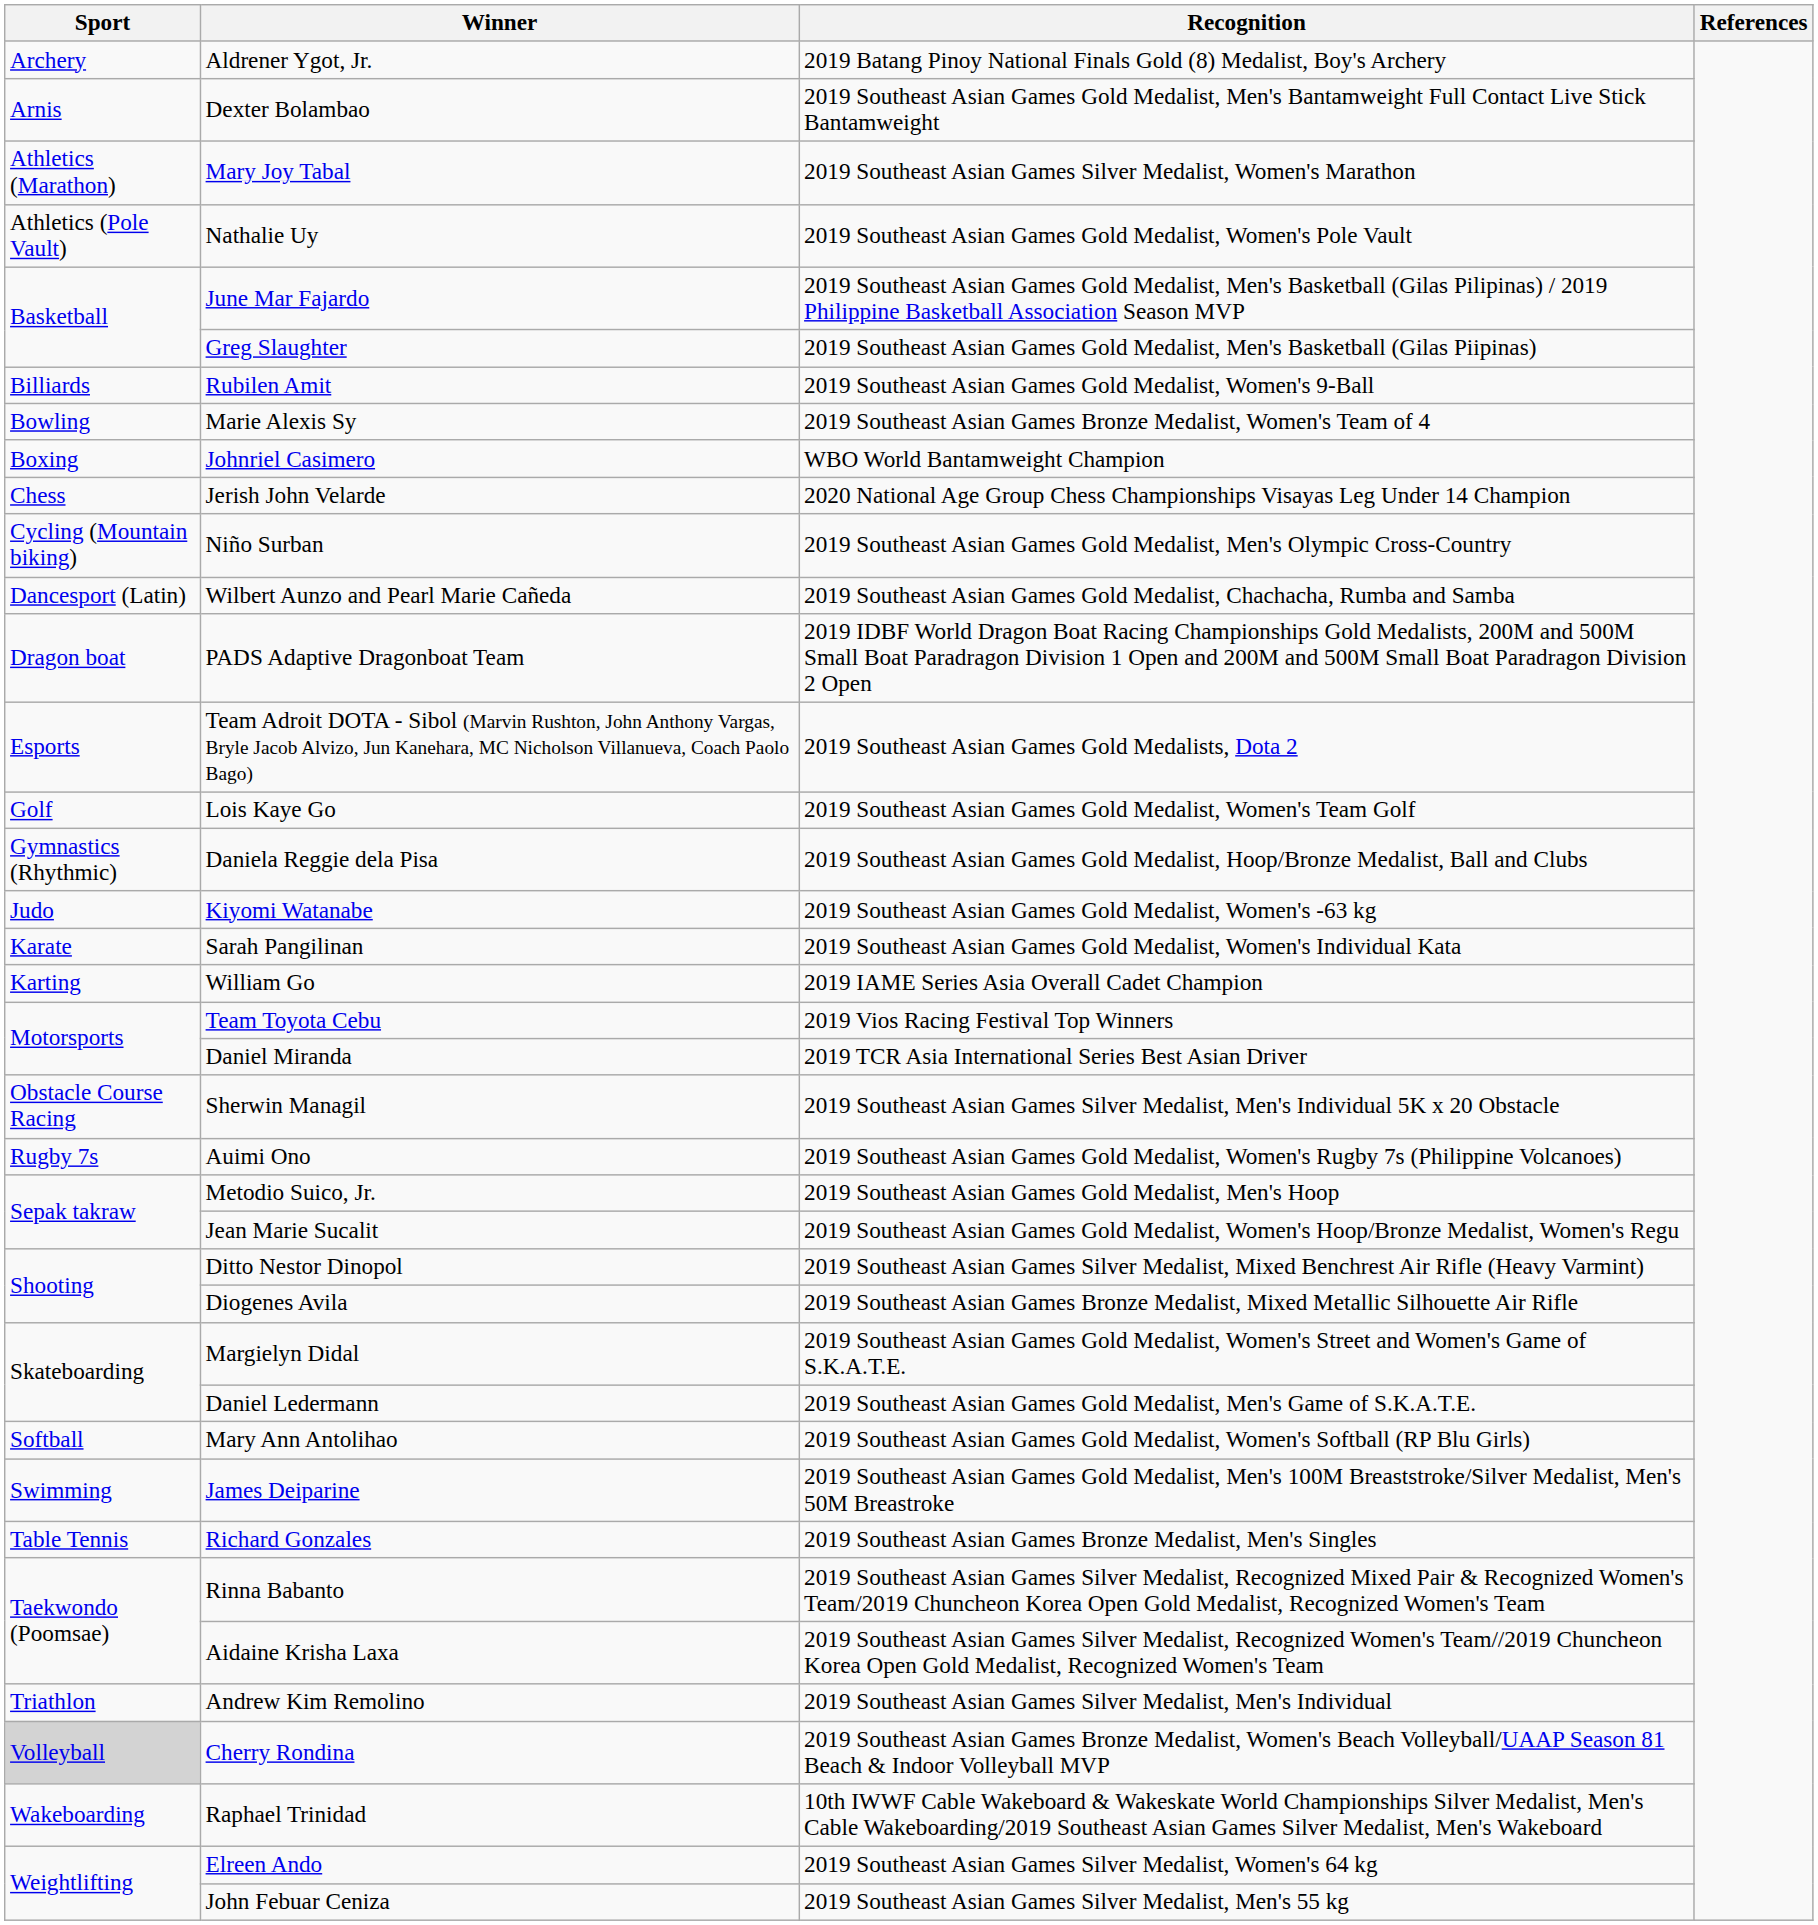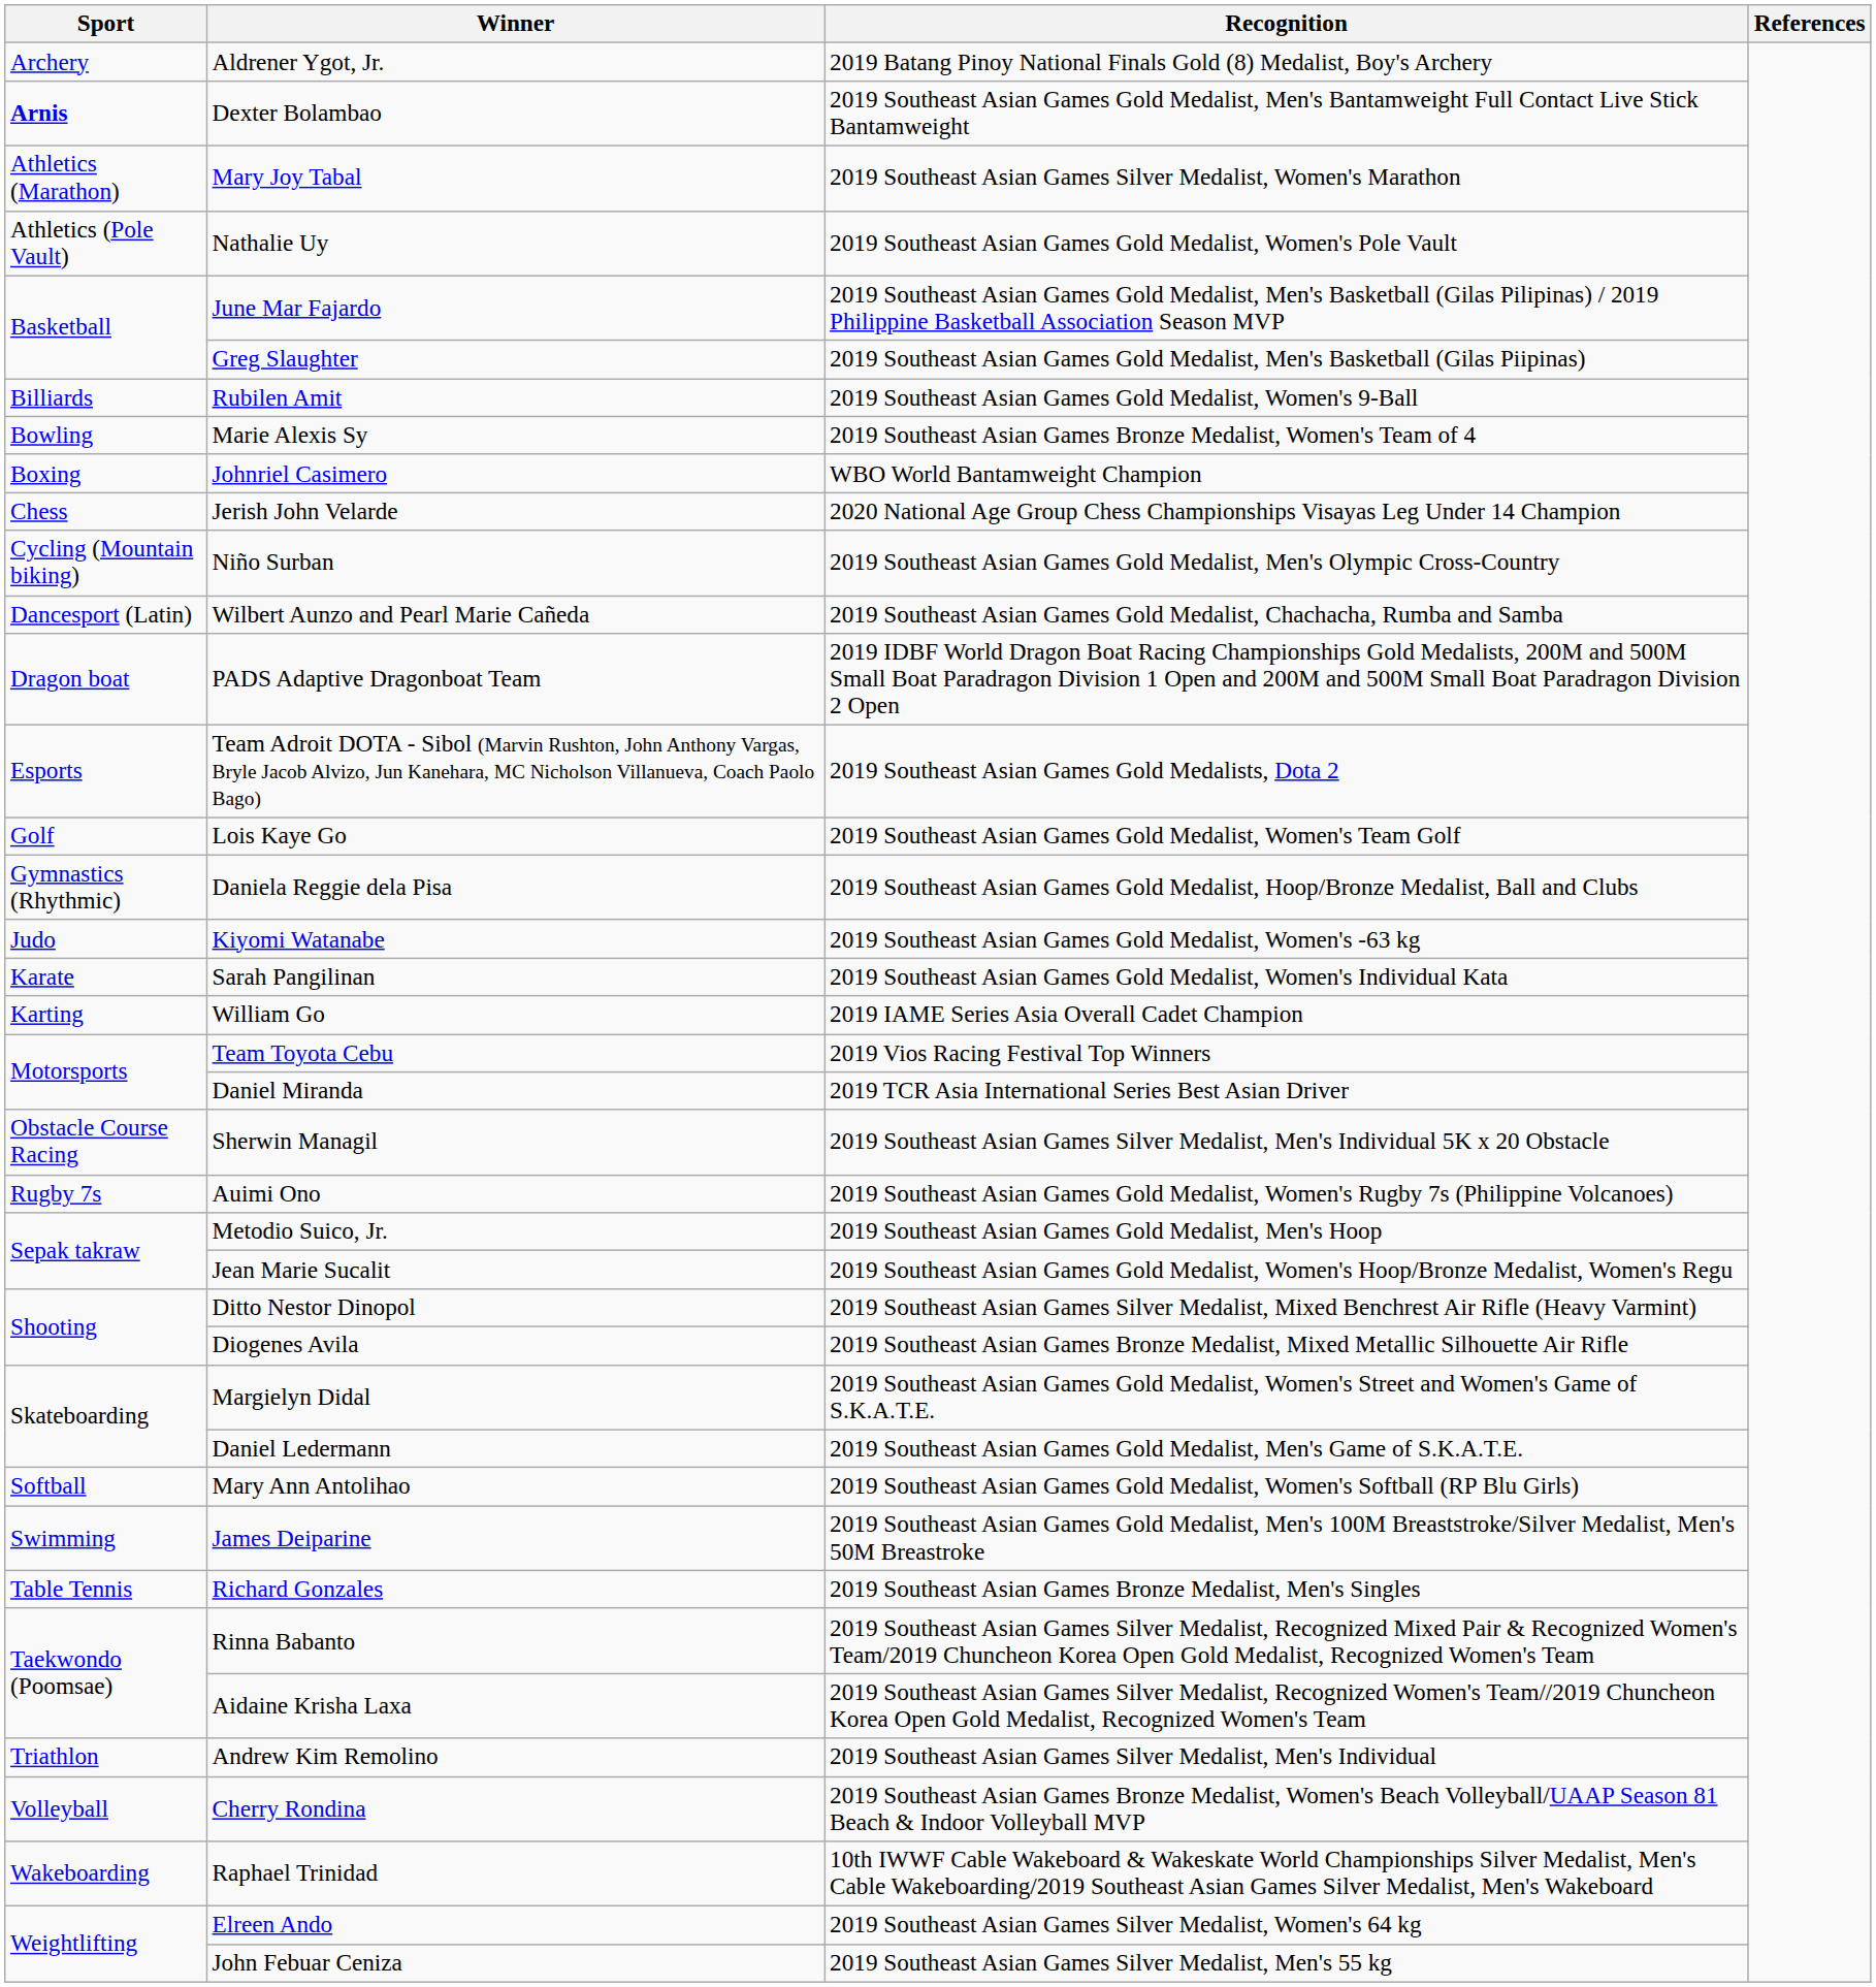 <table class="wikitable">
 <tr>
 <th>Sport</th>
 <th>Winner</th>
 <th>Recognition</th>
 <th>References</th>
 </tr>
 <tr>
 <td><a href='#'>Archery</a></td>
 <td>Aldrener Ygot, Jr.</td>
 <td>2019 Batang Pinoy National Finals Gold (8) Medalist, Boy's Archery</td>
 <td rowspan=39></td>
 </tr>
 <tr>
-<td><a href='#'>Arnis</a></td>
+<td><strong><a href='#'>Arnis</a></strong></td>
 <td>Dexter Bolambao</td>
 <td>2019 Southeast Asian Games Gold Medalist, Men's Bantamweight Full Contact Live Stick Bantamweight</td>
 </tr>
 <tr>
 <td><a href='#'>Athletics</a> (<a href='#'>Marathon</a>)</td>
 <td><a href='#'>Mary Joy Tabal</a></td>
 <td>2019 Southeast Asian Games Silver Medalist, Women's Marathon</td>
 </tr>
 <tr>
 <td>Athletics (<a href='#'>Pole Vault</a>)</td>
 <td>Nathalie Uy</td>
 <td>2019 Southeast Asian Games Gold Medalist, Women's Pole Vault</td>
 </tr>
 <tr>
 <td rowspan=2><a href='#'>Basketball</a></td>
 <td><a href='#'>June Mar Fajardo</a></td>
 <td>2019 Southeast Asian Games Gold Medalist, Men's Basketball (Gilas Pilipinas) / 2019 <a href='#'>Philippine Basketball Association</a> Season MVP</td>
 </tr>
 <tr>
 <td><a href='#'>Greg Slaughter</a></td>
 <td>2019 Southeast Asian Games Gold Medalist, Men's Basketball (Gilas Piipinas)</td>
 </tr>
 <tr>
 <td><a href='#'>Billiards</a></td>
 <td><a href='#'>Rubilen Amit</a></td>
 <td>2019 Southeast Asian Games Gold Medalist, Women's 9-Ball</td>
 </tr>
 <tr>
 <td><a href='#'>Bowling</a></td>
 <td>Marie Alexis Sy</td>
 <td>2019 Southeast Asian Games Bronze Medalist, Women's Team of 4</td>
 </tr>
 <tr>
 <td><a href='#'>Boxing</a></td>
 <td><a href='#'>Johnriel Casimero</a></td>
 <td>WBO World Bantamweight Champion</td>
 </tr>
 <tr>
 <td><a href='#'>Chess</a></td>
 <td>Jerish John Velarde</td>
 <td>2020 National Age Group Chess Championships Visayas Leg Under 14 Champion</td>
 </tr>
 <tr>
 <td><a href='#'>Cycling</a> (<a href='#'>Mountain biking</a>)</td>
 <td>Niño Surban</td>
 <td>2019 Southeast Asian Games Gold Medalist, Men's Olympic Cross-Country</td>
 </tr>
 <tr>
 <td><a href='#'>Dancesport</a> (Latin)</td>
 <td>Wilbert Aunzo and  Pearl Marie Cañeda</td>
 <td>2019 Southeast Asian Games Gold Medalist, Chachacha, Rumba and Samba</td>
 </tr>
 <tr>
 <td><a href='#'>Dragon boat</a></td>
 <td>PADS Adaptive Dragonboat Team</td>
 <td>2019 IDBF World Dragon Boat Racing Championships Gold Medalists, 200M and 500M Small Boat Paradragon Division 1 Open and 200M and 500M Small Boat Paradragon Division 2 Open</td>
 </tr>
 <tr>
 <td><a href='#'>Esports</a></td>
 <td>Team Adroit DOTA - Sibol <small>(Marvin Rushton, John Anthony Vargas, Bryle Jacob Alvizo, Jun Kanehara, MC Nicholson Villanueva, Coach Paolo Bago)</small></td>
 <td>2019 Southeast Asian Games Gold Medalists, <a href='#'>Dota 2</a></td>
 </tr>
 <tr>
 <td><a href='#'>Golf</a></td>
 <td>Lois Kaye Go</td>
 <td>2019 Southeast Asian Games Gold Medalist, Women's Team Golf</td>
 </tr>
 <tr>
 <td><a href='#'>Gymnastics</a> (Rhythmic)</td>
 <td>Daniela Reggie dela Pisa</td>
 <td>2019 Southeast Asian Games Gold Medalist, Hoop/Bronze Medalist, Ball and Clubs</td>
 </tr>
 <tr>
 <td><a href='#'>Judo</a></td>
 <td><a href='#'>Kiyomi Watanabe</a></td>
 <td>2019 Southeast Asian Games Gold Medalist, Women's -63 kg</td>
 </tr>
 <tr>
 <td><a href='#'>Karate</a></td>
 <td>Sarah Pangilinan</td>
 <td>2019 Southeast Asian Games Gold Medalist, Women's Individual Kata</td>
 </tr>
 <tr>
 <td><a href='#'>Karting</a></td>
 <td>William Go</td>
 <td>2019 IAME Series Asia Overall Cadet Champion</td>
 </tr>
 <tr>
 <td rowspan=2><a href='#'>Motorsports</a></td>
 <td><a href='#'>Team Toyota Cebu</a></td>
 <td>2019 Vios Racing Festival Top Winners</td>
 </tr>
 <tr>
 <td>Daniel Miranda</td>
 <td>2019 TCR Asia International Series Best Asian Driver</td>
 </tr>
 <tr>
 <td><a href='#'>Obstacle Course Racing</a></td>
 <td>Sherwin Managil</td>
 <td>2019 Southeast Asian Games Silver Medalist, Men's Individual 5K x 20 Obstacle</td>
 </tr>
 <tr>
 <td><a href='#'>Rugby 7s</a></td>
 <td>Auimi Ono</td>
 <td>2019 Southeast Asian Games Gold Medalist, Women's Rugby 7s (Philippine Volcanoes)</td>
 </tr>
 <tr>
 <td rowspan=2><a href='#'>Sepak takraw</a></td>
 <td>Metodio Suico, Jr.</td>
 <td>2019 Southeast Asian Games Gold Medalist, Men's Hoop</td>
 </tr>
 <tr>
 <td>Jean Marie Sucalit</td>
 <td>2019 Southeast Asian Games Gold Medalist, Women's Hoop/Bronze Medalist, Women's Regu</td>
 </tr>
 <tr>
 <td rowspan=2><a href='#'>Shooting</a></td>
 <td>Ditto Nestor Dinopol</td>
 <td>2019 Southeast Asian Games Silver Medalist, Mixed Benchrest Air Rifle (Heavy Varmint)</td>
 </tr>
 <tr>
 <td>Diogenes Avila</td>
 <td>2019 Southeast Asian Games Bronze Medalist, Mixed Metallic Silhouette Air Rifle</td>
 </tr>
 <tr>
 <td rowspan=2>Skateboarding</td>
 <td>Margielyn Didal</td>
 <td>2019 Southeast Asian Games Gold Medalist, Women's Street and Women's Game of S.K.A.T.E.</td>
 </tr>
 <tr>
 <td>Daniel Ledermann</td>
 <td>2019 Southeast Asian Games Gold Medalist, Men's Game of S.K.A.T.E.</td>
 </tr>
 <tr>
 <td><a href='#'>Softball</a></td>
 <td>Mary Ann Antolihao</td>
 <td>2019 Southeast Asian Games Gold Medalist, Women's Softball (RP Blu Girls)</td>
 </tr>
 <tr>
 <td><a href='#'>Swimming</a></td>
 <td><a href='#'>James Deiparine</a></td>
 <td>2019 Southeast Asian Games Gold Medalist, Men's 100M Breaststroke/Silver Medalist, Men's 50M Breastroke</td>
 </tr>
 <tr>
 <td><a href='#'>Table Tennis</a></td>
 <td><a href='#'>Richard Gonzales</a></td>
 <td>2019 Southeast Asian Games Bronze Medalist, Men's Singles</td>
 </tr>
 <tr>
 <td rowspan=2><a href='#'>Taekwondo</a> (Poomsae)</td>
 <td>Rinna Babanto</td>
 <td>2019 Southeast Asian Games Silver Medalist, Recognized Mixed Pair & Recognized Women's Team/2019 Chuncheon Korea Open Gold Medalist, Recognized Women's Team</td>
 </tr>
 <tr>
 <td>Aidaine Krisha Laxa</td>
 <td>2019 Southeast Asian Games Silver Medalist, Recognized Women's Team//2019 Chuncheon Korea Open Gold Medalist, Recognized Women's Team</td>
 </tr>
 <tr>
 <td><a href='#'>Triathlon</a></td>
 <td>Andrew Kim Remolino</td>
 <td>2019 Southeast Asian Games Silver Medalist, Men's Individual</td>
 </tr>
 <tr>
-<td style="background: lightgrey;"><a href='#'>Volleyball</a></td>
+<td><a href='#'>Volleyball</a></td>
 <td><a href='#'>Cherry Rondina</a></td>
 <td>2019 Southeast Asian Games Bronze Medalist, Women's Beach Volleyball/<a href='#'>UAAP Season 81</a> Beach & Indoor Volleyball MVP</td>
 </tr>
 <tr>
 <td><a href='#'>Wakeboarding</a></td>
 <td>Raphael Trinidad</td>
 <td>10th IWWF Cable Wakeboard & Wakeskate World Championships Silver Medalist, Men's Cable Wakeboarding/2019 Southeast Asian Games Silver Medalist, Men's Wakeboard</td>
 </tr>
 <tr>
 <td rowspan=2><a href='#'>Weightlifting</a></td>
 <td><a href='#'>Elreen Ando</a></td>
 <td>2019 Southeast Asian Games Silver Medalist, Women's 64 kg</td>
 </tr>
 <tr>
 <td>John Febuar Ceniza</td>
 <td>2019 Southeast Asian Games Silver Medalist, Men's 55 kg</td>
 </tr>
 </table>
